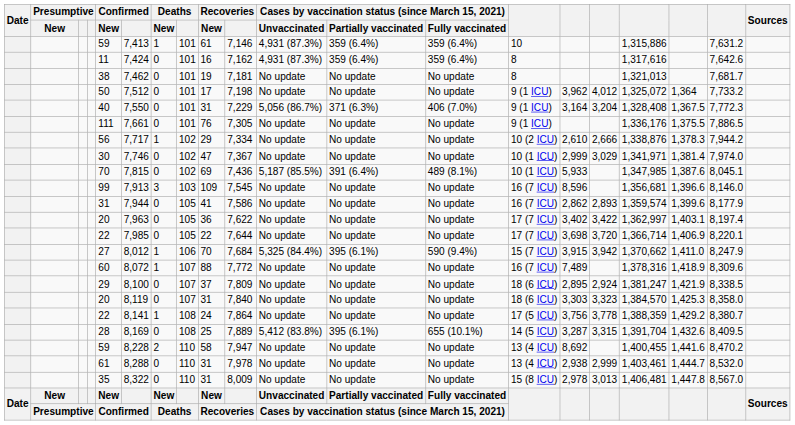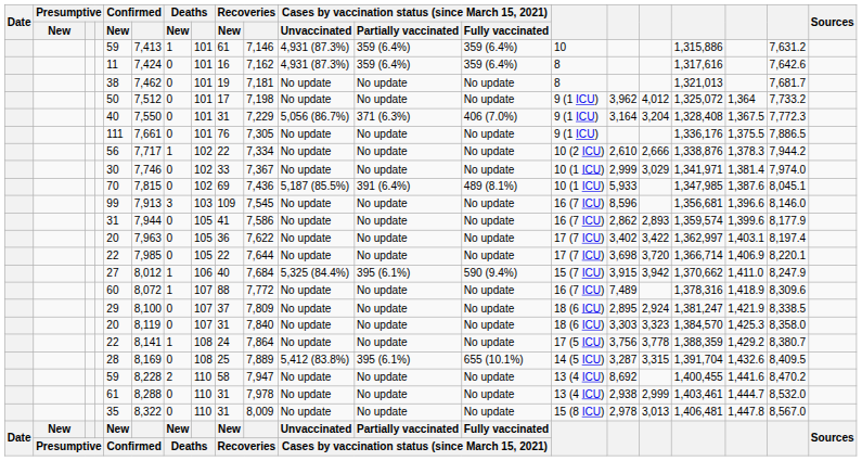 <table class="wikitable sortable mw-collapsible">
 <tr>
 <th rowspan="2">Date</th>
 <th colspan="3">Presumptive</th>
 <th colspan="2">Confirmed</th>
 <th colspan="2">Deaths</th>
 <th colspan="2">Recoveries</th>
 <th colspan="3">Cases by vaccination status (since March 15, 2021)</th>
 <th rowspan="2"></th>
 <th rowspan="2"></th>
 <th rowspan="2"></th>
 <th rowspan="2"></th>
 <th rowspan="2"></th>
 <th rowspan="2"></th>
 <th rowspan="2">Sources</th>
 </tr>
 <tr>
 <th>New</th>
 <th></th>
 <th></th>
 <th>New</th>
 <th></th>
 <th>New</th>
 <th></th>
 <th>New</th>
 <th></th>
 <th>Unvaccinated</th>
 <th>Partially vaccinated</th>
 <th>Fully vaccinated</th>
 </tr>
 <tr>
 <th></th>
 <td></td>
 <td></td>
 <td></td>
 <td>59</td>
 <td>7,413</td>
 <td>1</td>
 <td>101</td>
 <td>61</td>
 <td>7,146</td>
 <td>4,931 (87.3%)</td>
 <td>359 (6.4%)</td>
 <td>359 (6.4%)</td>
 <td>10</td>
 <td></td>
 <td></td>
 <td>1,315,886</td>
 <td></td>
 <td>7,631.2</td>
 <td></td>
 </tr>
 <tr>
 <th></th>
 <td></td>
 <td></td>
 <td></td>
 <td>11</td>
 <td>7,424</td>
 <td>0</td>
 <td>101</td>
 <td>16</td>
 <td>7,162</td>
 <td>4,931 (87.3%)</td>
 <td>359 (6.4%)</td>
 <td>359 (6.4%)</td>
 <td>8</td>
 <td></td>
 <td></td>
 <td>1,317,616</td>
 <td></td>
 <td>7,642.6</td>
 <td></td>
 </tr>
 <tr>
 <th></th>
 <td></td>
 <td></td>
 <td></td>
 <td>38</td>
 <td>7,462</td>
 <td>0</td>
 <td>101</td>
 <td>19</td>
 <td>7,181</td>
 <td>No update</td>
 <td>No update</td>
 <td>No update</td>
 <td>8</td>
 <td></td>
 <td></td>
 <td>1,321,013</td>
 <td></td>
 <td>7,681.7</td>
 <td></td>
 </tr>
 <tr>
 <th></th>
 <td></td>
 <td></td>
 <td></td>
 <td>50</td>
 <td>7,512</td>
 <td>0</td>
 <td>101</td>
 <td>17</td>
 <td>7,198</td>
 <td>No update</td>
 <td>No update</td>
 <td>No update</td>
 <td>9 (1 <a href='#'>ICU</a>)</td>
 <td>3,962</td>
 <td>4,012</td>
 <td>1,325,072</td>
 <td>1,364</td>
 <td>7,733.2</td>
 <td></td>
 </tr>
 <tr>
 <th></th>
 <td></td>
 <td></td>
 <td></td>
 <td>40</td>
 <td>7,550</td>
 <td>0</td>
 <td>101</td>
 <td>31</td>
 <td>7,229</td>
 <td>5,056 (86.7%)</td>
 <td>371 (6.3%)</td>
 <td>406 (7.0%)</td>
 <td>9 (1 <a href='#'>ICU</a>)</td>
 <td>3,164</td>
 <td>3,204</td>
 <td>1,328,408</td>
 <td>1,367.5</td>
 <td>7,772.3</td>
 <td></td>
 </tr>
 <tr>
 <th></th>
 <td></td>
 <td></td>
 <td></td>
 <td>111</td>
 <td>7,661</td>
 <td>0</td>
 <td>101</td>
 <td>76</td>
 <td>7,305</td>
 <td>No update</td>
 <td>No update</td>
 <td>No update</td>
 <td>9 (1 <a href='#'>ICU</a>)</td>
 <td></td>
 <td></td>
 <td>1,336,176</td>
 <td>1,375.5</td>
 <td>7,886.5</td>
 <td></td>
 </tr>
 <tr>
 <th></th>
 <td></td>
 <td></td>
 <td></td>
 <td>56</td>
 <td>7,717</td>
 <td>1</td>
 <td>102</td>
-<td>29</td>
+<td>22</td>
 <td>7,334</td>
 <td>No update</td>
 <td>No update</td>
 <td>No update</td>
 <td>10 (2 <a href='#'>ICU</a>)</td>
 <td>2,610</td>
 <td>2,666</td>
 <td>1,338,876</td>
 <td>1,378.3</td>
 <td>7,944.2</td>
 <td></td>
 </tr>
 <tr>
 <th></th>
 <td></td>
 <td></td>
 <td></td>
 <td>30</td>
 <td>7,746</td>
 <td>0</td>
 <td>102</td>
-<td>47</td>
+<td>33</td>
 <td>7,367</td>
 <td>No update</td>
 <td>No update</td>
 <td>No update</td>
 <td>10 (1 <a href='#'>ICU</a>)</td>
 <td>2,999</td>
 <td>3,029</td>
 <td>1,341,971</td>
 <td>1,381.4</td>
 <td>7,974.0</td>
 <td></td>
 </tr>
 <tr>
 <th></th>
 <td></td>
 <td></td>
 <td></td>
 <td>70</td>
 <td>7,815</td>
 <td>0</td>
 <td>102</td>
 <td>69</td>
 <td>7,436</td>
 <td>5,187 (85.5%)</td>
 <td>391 (6.4%)</td>
 <td>489 (8.1%)</td>
 <td>10 (1 <a href='#'>ICU</a>)</td>
 <td>5,933</td>
 <td></td>
 <td>1,347,985</td>
 <td>1,387.6</td>
 <td>8,045.1</td>
 <td></td>
 </tr>
 <tr>
 <th></th>
 <td></td>
 <td></td>
 <td></td>
 <td>99</td>
 <td>7,913</td>
 <td>3</td>
 <td>103</td>
 <td>109</td>
 <td>7,545</td>
 <td>No update</td>
 <td>No update</td>
 <td>No update</td>
 <td>16 (7 <a href='#'>ICU</a>)</td>
 <td>8,596</td>
 <td></td>
 <td>1,356,681</td>
 <td>1,396.6</td>
 <td>8,146.0</td>
 <td></td>
 </tr>
 <tr>
 <th></th>
 <td></td>
 <td></td>
 <td></td>
 <td>31</td>
 <td>7,944</td>
 <td>0</td>
 <td>105</td>
 <td>41</td>
 <td>7,586</td>
 <td>No update</td>
 <td>No update</td>
 <td>No update</td>
 <td>16 (7 <a href='#'>ICU</a>)</td>
 <td>2,862</td>
 <td>2,893</td>
 <td>1,359,574</td>
 <td>1,399.6</td>
 <td>8,177.9</td>
 <td></td>
 </tr>
 <tr>
 <th></th>
 <td></td>
 <td></td>
 <td></td>
 <td>20</td>
 <td>7,963</td>
 <td>0</td>
 <td>105</td>
 <td>36</td>
 <td>7,622</td>
 <td>No update</td>
 <td>No update</td>
 <td>No update</td>
 <td>17 (7 <a href='#'>ICU</a>)</td>
 <td>3,402</td>
 <td>3,422</td>
 <td>1,362,997</td>
 <td>1,403.1</td>
 <td>8,197.4</td>
 <td></td>
 </tr>
 <tr>
 <th></th>
 <td></td>
 <td></td>
 <td></td>
 <td>22</td>
 <td>7,985</td>
 <td>0</td>
 <td>105</td>
 <td>22</td>
 <td>7,644</td>
 <td>No update</td>
 <td>No update</td>
 <td>No update</td>
 <td>17 (7 <a href='#'>ICU</a>)</td>
 <td>3,698</td>
 <td>3,720</td>
 <td>1,366,714</td>
 <td>1,406.9</td>
 <td>8,220.1</td>
 <td></td>
 </tr>
 <tr>
 <th></th>
 <td></td>
 <td></td>
 <td></td>
 <td>27</td>
 <td>8,012</td>
 <td>1</td>
 <td>106</td>
-<td>70</td>
+<td>40</td>
 <td>7,684</td>
 <td>5,325 (84.4%)</td>
 <td>395 (6.1%)</td>
 <td>590 (9.4%)</td>
 <td>15 (7 <a href='#'>ICU</a>)</td>
 <td>3,915</td>
 <td>3,942</td>
 <td>1,370,662</td>
 <td>1,411.0</td>
 <td>8,247.9</td>
 <td></td>
 </tr>
 <tr>
 <th></th>
 <td></td>
 <td></td>
 <td></td>
 <td>60</td>
 <td>8,072</td>
 <td>1</td>
 <td>107</td>
 <td>88</td>
 <td>7,772</td>
 <td>No update</td>
 <td>No update</td>
 <td>No update</td>
 <td>16 (7 <a href='#'>ICU</a>)</td>
 <td>7,489</td>
 <td></td>
 <td>1,378,316</td>
 <td>1,418.9</td>
 <td>8,309.6</td>
 <td></td>
 </tr>
 <tr>
 <th></th>
 <td></td>
 <td></td>
 <td></td>
 <td>29</td>
 <td>8,100</td>
 <td>0</td>
 <td>107</td>
 <td>37</td>
 <td>7,809</td>
 <td>No update</td>
 <td>No update</td>
 <td>No update</td>
 <td>18 (6 <a href='#'>ICU</a>)</td>
 <td>2,895</td>
 <td>2,924</td>
 <td>1,381,247</td>
 <td>1,421.9</td>
 <td>8,338.5</td>
 <td></td>
 </tr>
 <tr>
 <th></th>
 <td></td>
 <td></td>
 <td></td>
 <td>20</td>
 <td>8,119</td>
 <td>0</td>
 <td>107</td>
 <td>31</td>
 <td>7,840</td>
 <td>No update</td>
 <td>No update</td>
 <td>No update</td>
 <td>18 (6 <a href='#'>ICU</a>)</td>
 <td>3,303</td>
 <td>3,323</td>
 <td>1,384,570</td>
 <td>1,425.3</td>
 <td>8,358.0</td>
 <td></td>
 </tr>
 <tr>
 <th></th>
 <td></td>
 <td></td>
 <td></td>
 <td>22</td>
 <td>8,141</td>
 <td>1</td>
 <td>108</td>
 <td>24</td>
 <td>7,864</td>
 <td>No update</td>
 <td>No update</td>
 <td>No update</td>
 <td>17 (5 <a href='#'>ICU</a>)</td>
 <td>3,756</td>
 <td>3,778</td>
 <td>1,388,359</td>
 <td>1,429.2</td>
 <td>8,380.7</td>
 <td></td>
 </tr>
 <tr>
 <th></th>
 <td></td>
 <td></td>
 <td></td>
 <td>28</td>
 <td>8,169</td>
 <td>0</td>
 <td>108</td>
 <td>25</td>
 <td>7,889</td>
 <td>5,412 (83.8%)</td>
 <td>395 (6.1%)</td>
 <td>655 (10.1%)</td>
 <td>14 (5 <a href='#'>ICU</a>)</td>
 <td>3,287</td>
 <td>3,315</td>
 <td>1,391,704</td>
 <td>1,432.6</td>
 <td>8,409.5</td>
 <td></td>
 </tr>
 <tr>
 <th></th>
 <td></td>
 <td></td>
 <td></td>
 <td>59</td>
 <td>8,228</td>
 <td>2</td>
 <td>110</td>
 <td>58</td>
 <td>7,947</td>
 <td>No update</td>
 <td>No update</td>
 <td>No update</td>
 <td>13 (4 <a href='#'>ICU</a>)</td>
 <td>8,692</td>
 <td></td>
 <td>1,400,455</td>
 <td>1,441.6</td>
 <td>8,470.2</td>
 <td></td>
 </tr>
 <tr>
 <th></th>
 <td></td>
 <td></td>
 <td></td>
 <td>61</td>
 <td>8,288</td>
 <td>0</td>
 <td>110</td>
 <td>31</td>
 <td>7,978</td>
 <td>No update</td>
 <td>No update</td>
 <td>No update</td>
 <td>13 (4 <a href='#'>ICU</a>)</td>
 <td>2,938</td>
 <td>2,999</td>
 <td>1,403,461</td>
 <td>1,444.7</td>
 <td>8,532.0</td>
 <td></td>
 </tr>
 <tr>
 <th></th>
 <td></td>
 <td></td>
 <td></td>
 <td>35</td>
 <td>8,322</td>
 <td>0</td>
 <td>110</td>
 <td>31</td>
 <td>8,009</td>
 <td>No update</td>
 <td>No update</td>
 <td>No update</td>
 <td>15 (8 <a href='#'>ICU</a>)</td>
 <td>2,978</td>
 <td>3,013</td>
 <td>1,406,481</td>
 <td>1,447.8</td>
 <td>8,567.0</td>
 <td></td>
 </tr>
 <tr>
 <th rowspan="2">Date</th>
 <th>New</th>
 <th></th>
 <th></th>
 <th>New</th>
 <th></th>
 <th>New</th>
 <th></th>
 <th>New</th>
 <th></th>
 <th>Unvaccinated</th>
 <th>Partially vaccinated</th>
 <th>Fully vaccinated</th>
 <th rowspan="2"></th>
 <th rowspan="2"></th>
 <th rowspan="2"></th>
 <th rowspan="2"></th>
 <th rowspan="2"></th>
 <th rowspan="2"></th>
 <th rowspan="2">Sources</th>
 </tr>
 <tr>
 <th colspan="3">Presumptive</th>
 <th colspan="2">Confirmed</th>
 <th colspan="2">Deaths</th>
 <th colspan="2">Recoveries</th>
 <th colspan="3">Cases by vaccination status (since March 15, 2021)</th>
 </tr>
 </table>
